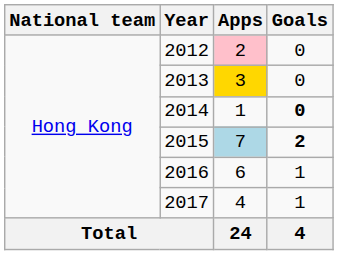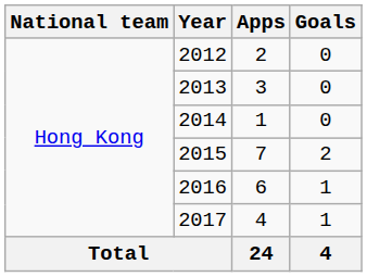 <table class="wikitable" style="text-align:center">
 <tr>
 <th>National team</th>
 <th>Year</th>
 <th>Apps</th>
 <th>Goals</th>
 </tr>
 <tr>
 <td rowspan="6"><a href='#'>Hong Kong</a></td>
 <td>2012</td>
-<td style="background: pink;">2</td>
+<td>2</td>
 <td>0</td>
 </tr>
 <tr>
 <td>2013</td>
-<td style="background: gold;">3</td>
+<td>3</td>
 <td>0</td>
 </tr>
 <tr>
 <td>2014</td>
 <td>1</td>
-<td><strong>0</strong></td>
+<td>0</td>
 </tr>
 <tr>
 <td>2015</td>
-<td style="background: lightblue;">7</td>
-<td><strong>2</strong></td>
+<td>7</td>
+<td>2</td>
 </tr>
 <tr>
 <td>2016</td>
 <td>6</td>
 <td>1</td>
 </tr>
 <tr>
 <td>2017</td>
 <td>4</td>
 <td>1</td>
 </tr>
 <tr>
 <th colspan=2>Total</th>
 <th>24</th>
 <th>4</th>
 </tr>
 </table>
